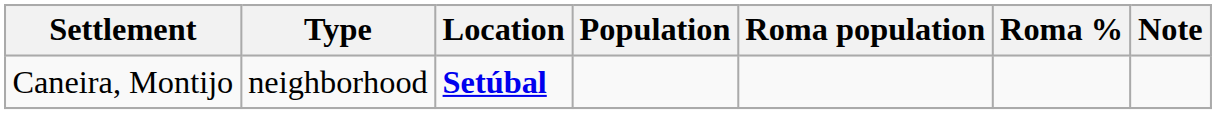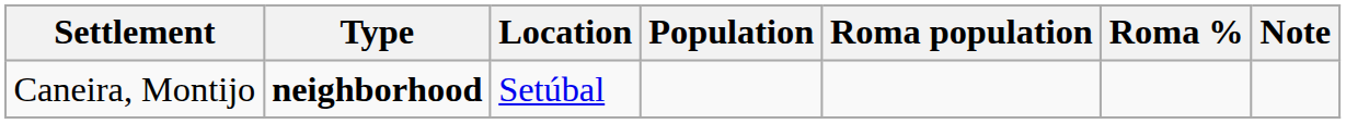 <table class="wikitable">
 <tr>
 <th>Settlement</th>
 <th>Type</th>
 <th>Location</th>
 <th>Population</th>
 <th>Roma population</th>
 <th>Roma %</th>
 <th>Note</th>
 </tr>
 <tr>
 <td>Caneira, Montijo</td>
-<td>neighborhood</td>
-<td><strong><a href='#'>Setúbal</a></strong></td>
+<td><strong>neighborhood</strong></td>
+<td><a href='#'>Setúbal</a></td>
 <td></td>
 <td></td>
 <td></td>
 <td></td>
 </tr>
 <tr>
 </tr>
 </table>
